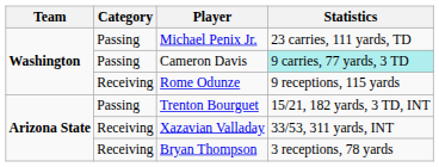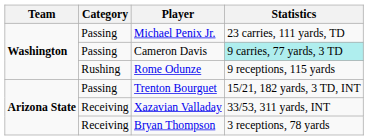 <table class="wikitable" style="float: right;">
 <tr>
 <th>Team</th>
 <th>Category</th>
 <th>Player</th>
 <th>Statistics</th>
 </tr>
 <tr>
 <td rowspan=3><strong>Washington</strong></td>
 <td>Passing</td>
 <td><a href='#'>Michael Penix Jr.</a></td>
 <td>23 carries, 111 yards, TD</td>
 </tr>
 <tr>
 <td>Passing</td>
 <td>Cameron Davis</td>
 <td style="background: paleturquoise;">9 carries, 77 yards, 3 TD</td>
 </tr>
 <tr>
-<td>Receiving</td>
+<td>Rushing</td>
 <td><a href='#'>Rome Odunze</a></td>
 <td>9 receptions, 115 yards</td>
 </tr>
 <tr>
 <td rowspan=3><strong>Arizona State</strong></td>
 <td>Passing</td>
 <td><a href='#'>Trenton Bourguet</a></td>
 <td>15/21, 182 yards, 3 TD, INT</td>
 </tr>
 <tr>
 <td>Receiving</td>
 <td><a href='#'>Xazavian Valladay</a></td>
 <td>33/53, 311 yards, INT</td>
 </tr>
 <tr>
 <td>Receiving</td>
 <td><a href='#'>Bryan Thompson</a></td>
 <td>3 receptions, 78 yards</td>
 </tr>
 </table>
